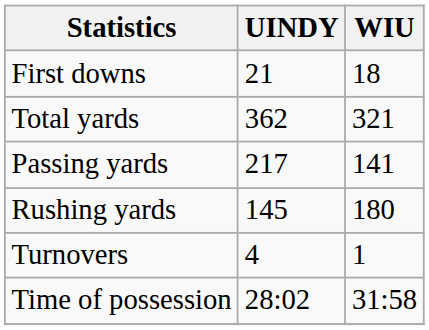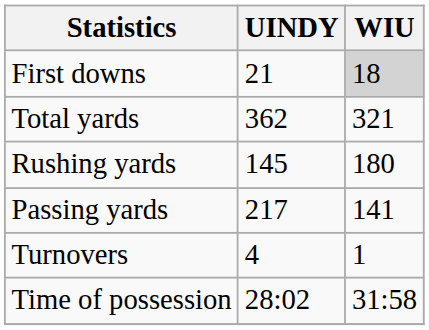 <table class="wikitable" style="float: left;">
 <tr>
 <th>Statistics</th>
 <th>UINDY</th>
 <th>WIU</th>
 </tr>
 <tr>
 <td>First downs</td>
 <td>21</td>
-<td>18</td>
+<td style="background: lightgrey;">18</td>
 </tr>
 <tr>
 <td>Total yards</td>
 <td>362</td>
 <td>321</td>
 </tr>
 <tr>
+<td>Rushing yards</td>
+<td>145</td>
+<td>180</td>
+</tr>
+<tr>
 <td>Passing yards</td>
 <td>217</td>
 <td>141</td>
-</tr>
-<tr>
-<td>Rushing yards</td>
-<td>145</td>
-<td>180</td>
 </tr>
 <tr>
 <td>Turnovers</td>
 <td>4</td>
 <td>1</td>
 </tr>
 <tr>
 <td>Time of possession</td>
 <td>28:02</td>
 <td>31:58</td>
 </tr>
 <tr>
 </tr>
 </table>
